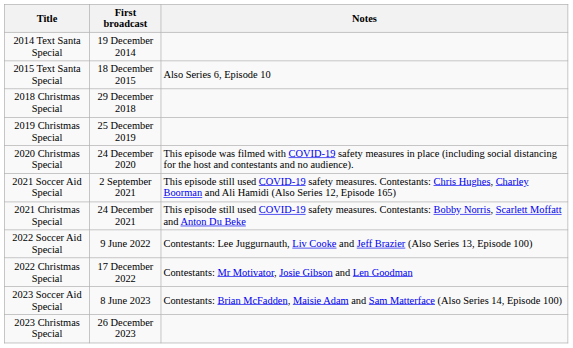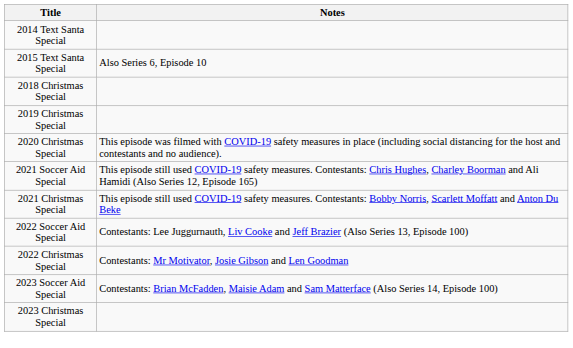 <table class="wikitable sticky-header" style="text-align:center;">
 <tr>
 <th>Title</th>
-<th>First broadcast</th>
 <th>Notes</th>
 </tr>
 <tr>
 <td>2014 Text Santa Special</td>
-<td>19 December 2014</td>
 <td style="text-align:left;"></td>
 </tr>
 <tr>
 <td>2015 Text Santa Special</td>
-<td>18 December 2015</td>
 <td style="text-align:left;">Also Series 6, Episode 10</td>
 </tr>
 <tr>
 <td>2018 Christmas Special</td>
-<td>29 December 2018</td>
 <td style="text-align:left;"></td>
 </tr>
 <tr>
 <td>2019 Christmas Special</td>
-<td>25 December 2019</td>
 <td style="text-align:left;"></td>
 </tr>
 <tr>
 <td>2020 Christmas Special</td>
-<td>24 December 2020</td>
 <td style="text-align:left;">This episode was filmed with <a href='#'>COVID-19</a> safety measures in place (including social distancing for the host and contestants and no audience).</td>
 </tr>
 <tr>
 <td>2021 Soccer Aid Special</td>
-<td>2 September 2021</td>
 <td style="text-align:left;">This episode still used <a href='#'>COVID-19</a> safety measures. Contestants: <a href='#'>Chris Hughes</a>, <a href='#'>Charley Boorman</a> and Ali Hamidi (Also Series 12, Episode 165)</td>
 </tr>
 <tr>
 <td>2021 Christmas Special</td>
-<td>24 December 2021</td>
 <td style="text-align:left;">This episode still used <a href='#'>COVID-19</a> safety measures. Contestants: <a href='#'>Bobby Norris</a>, <a href='#'>Scarlett Moffatt</a> and <a href='#'>Anton Du Beke</a></td>
 </tr>
 <tr>
 <td>2022 Soccer Aid Special</td>
-<td>9 June 2022</td>
 <td style="text-align:left;">Contestants: Lee Juggurnauth, <a href='#'>Liv Cooke</a> and <a href='#'>Jeff Brazier</a> (Also Series 13, Episode 100)</td>
 </tr>
 <tr>
 <td>2022 Christmas Special</td>
-<td>17 December 2022</td>
 <td style="text-align:left;">Contestants: <a href='#'>Mr Motivator</a>, <a href='#'>Josie Gibson</a> and <a href='#'>Len Goodman</a></td>
 </tr>
 <tr>
 <td>2023 Soccer Aid Special</td>
-<td>8 June 2023</td>
 <td style="text-align:left;">Contestants: <a href='#'>Brian McFadden</a>, <a href='#'>Maisie Adam</a> and <a href='#'>Sam Matterface</a> (Also Series 14, Episode 100)</td>
 </tr>
 <tr>
 <td>2023 Christmas Special</td>
-<td>26 December 2023</td>
 <td style="text-align:left;"></td>
 </tr>
 </table>
